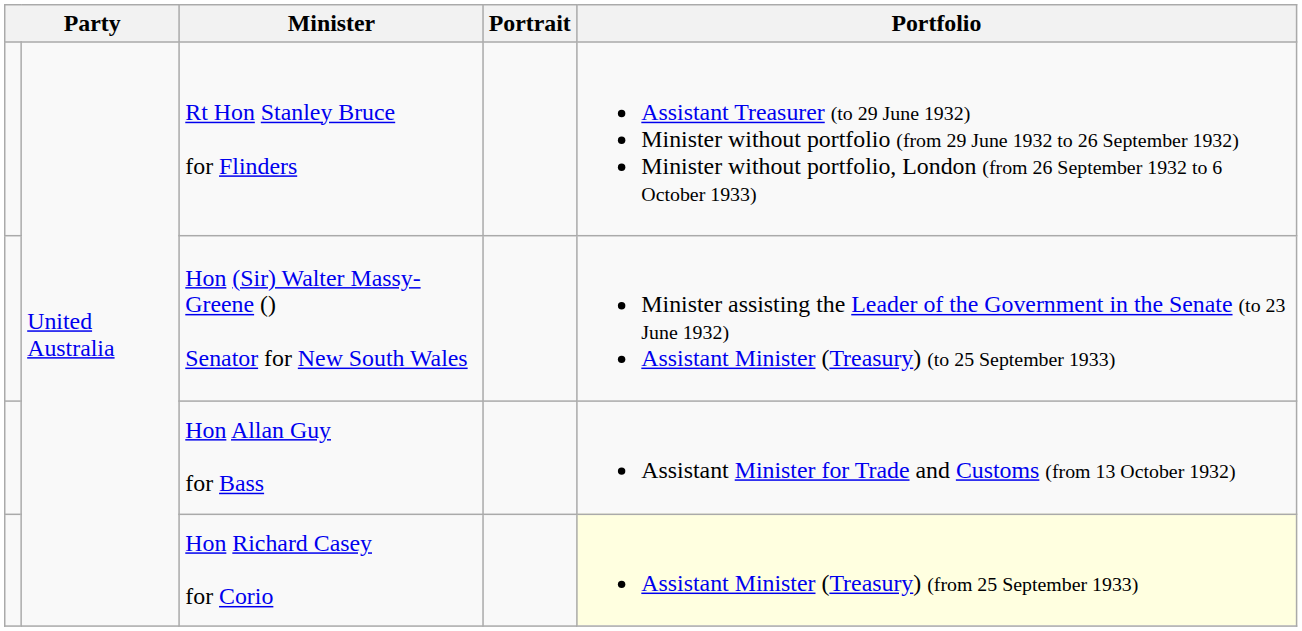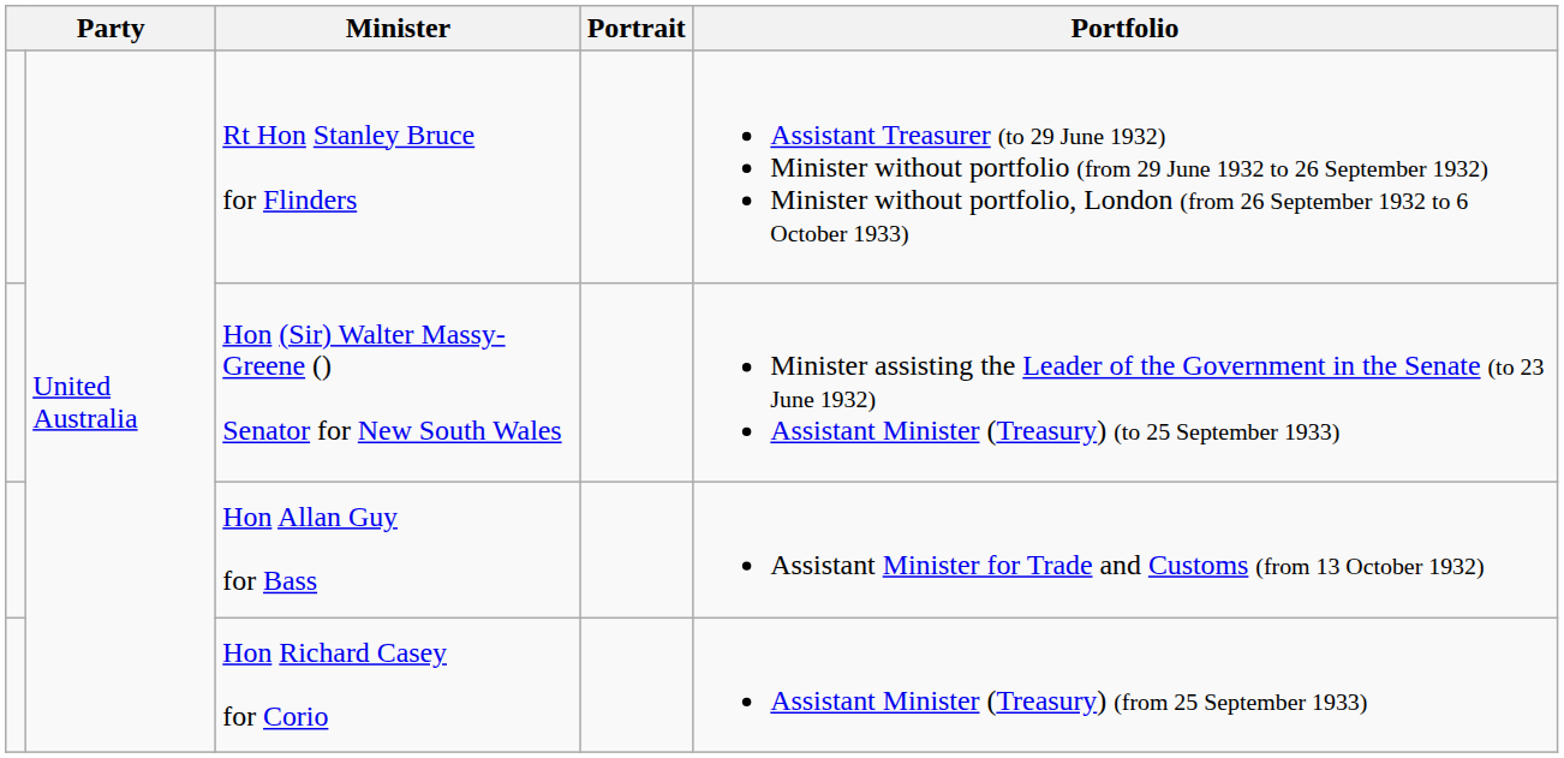 <table class="wikitable sortable">
 <tr>
 <th colspan="2">Party</th>
 <th>Minister</th>
 <th>Portrait</th>
 <th>Portfolio</th>
 </tr>
 <tr>
 <td> </td>
 <td rowspan=4><a href='#'>United Australia</a></td>
 <td><a href='#'>Rt Hon</a> <a href='#'>Stanley Bruce</a>   <br><br> for <a href='#'>Flinders</a> <br></td>
 <td></td>
 <td><br><ul><li><a href='#'>Assistant Treasurer</a> <small>(to 29 June 1932)</small></li><li>Minister without portfolio <small>(from 29 June 1932 to 26 September 1932)</small></li><li>Minister without portfolio, London <small>(from 26 September 1932 to 6 October 1933)</small></li></ul></td>
 </tr>
 <tr>
 <td> </td>
 <td><a href='#'>Hon</a> <a href='#'>(Sir) Walter Massy-Greene</a> () <br><br><a href='#'>Senator</a> for <a href='#'>New South Wales</a> <br></td>
 <td></td>
 <td><br><ul><li>Minister assisting the <a href='#'>Leader of the Government in the Senate</a> <small>(to 23 June 1932)</small></li><li><a href='#'>Assistant Minister</a> (<a href='#'>Treasury</a>) <small>(to 25 September 1933)</small></li></ul></td>
 </tr>
 <tr>
 <td> </td>
 <td><a href='#'>Hon</a> <a href='#'>Allan Guy</a> <br><br> for <a href='#'>Bass</a> <br></td>
 <td></td>
 <td><br><ul><li>Assistant <a href='#'>Minister for Trade</a> and <a href='#'>Customs</a> <small>(from 13 October 1932)</small></li></ul></td>
 </tr>
 <tr>
 <td> </td>
 <td><a href='#'>Hon</a> <a href='#'>Richard Casey</a>   <br><br> for <a href='#'>Corio</a> <br></td>
 <td></td>
-<td style="background: lightyellow;"><br><ul><li><a href='#'>Assistant Minister</a> (<a href='#'>Treasury</a>) <small>(from 25 September 1933)</small></li></ul></td>
+<td><br><ul><li><a href='#'>Assistant Minister</a> (<a href='#'>Treasury</a>) <small>(from 25 September 1933)</small></li></ul></td>
 </tr>
 </table>
